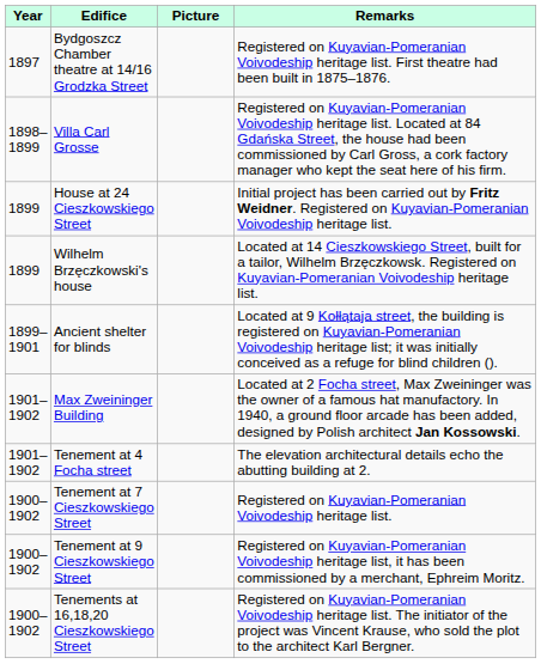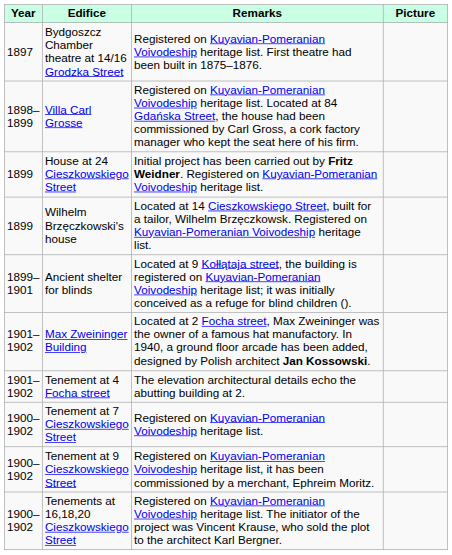 <table class="wikitable" style="flex: 30em">
 <tr align="center" bgcolor="#C9FFE5">
 <td width=8%><strong>Year</strong></td>
 <td width=16%><strong>Edifice</strong></td>
+<td width=61%><strong>Remarks</strong></td>
 <td width=15%><strong>Picture</strong></td>
-<td width=61%><strong>Remarks</strong></td>
 </tr>
 <tr ----bgcolor="#EFEFEF">
 <td>1897</td>
 <td>Bydgoszcz Chamber theatre at 14/16 <a href='#'>Grodzka Street</a></td>
+<td>Registered on <a href='#'>Kuyavian-Pomeranian Voivodeship</a> heritage list. First theatre had been built in 1875–1876.</td>
 <td></td>
-<td>Registered on <a href='#'>Kuyavian-Pomeranian Voivodeship</a> heritage list. First theatre had been built in 1875–1876.</td>
 </tr>
 <tr ---->
 <td>1898–1899</td>
 <td><a href='#'>Villa Carl Grosse</a></td>
+<td>Registered on <a href='#'>Kuyavian-Pomeranian Voivodeship</a> heritage list. Located at 84 <a href='#'>Gdańska Street</a>, the house had been commissioned by Carl Gross, a cork factory manager who kept the seat here of his firm.</td>
 <td></td>
-<td>Registered on <a href='#'>Kuyavian-Pomeranian Voivodeship</a> heritage list. Located at 84 <a href='#'>Gdańska Street</a>, the house had been commissioned by Carl Gross, a cork factory manager who kept the seat here of his firm.</td>
 </tr>
 <tr ---bgcolor="#EFEFEF">
 <td>1899</td>
 <td>House at 24 <a href='#'>Cieszkowskiego Street</a></td>
+<td>Initial project has been carried out by <strong>Fritz Weidner</strong>. Registered on <a href='#'>Kuyavian-Pomeranian Voivodeship</a> heritage list.</td>
 <td></td>
-<td>Initial project has been carried out by <strong>Fritz Weidner</strong>. Registered on <a href='#'>Kuyavian-Pomeranian Voivodeship</a> heritage list.</td>
 </tr>
 <tr --->
 <td>1899</td>
 <td>Wilhelm Brzęczkowski's house</td>
+<td>Located at 14 <a href='#'>Cieszkowskiego Street</a>, built for a tailor, Wilhelm Brzęczkowsk. Registered on <a href='#'>Kuyavian-Pomeranian Voivodeship</a> heritage list.</td>
 <td></td>
-<td>Located at 14 <a href='#'>Cieszkowskiego Street</a>, built for a tailor, Wilhelm Brzęczkowsk. Registered on <a href='#'>Kuyavian-Pomeranian Voivodeship</a> heritage list.</td>
 </tr>
 <tr ---bgcolor="#EFEFEF">
 <td>1899–1901</td>
 <td>Ancient shelter for blinds</td>
+<td>Located at 9 <a href='#'>Kołłątaja street</a>, the building is registered on <a href='#'>Kuyavian-Pomeranian Voivodeship</a> heritage list; it was initially conceived as a refuge for blind children ().</td>
 <td></td>
-<td>Located at 9 <a href='#'>Kołłątaja street</a>, the building is registered on <a href='#'>Kuyavian-Pomeranian Voivodeship</a> heritage list; it was initially conceived as a refuge for blind children ().</td>
 </tr>
 <tr ---->
 <td>1901–1902</td>
 <td><a href='#'>Max Zweininger Building</a></td>
+<td>Located at 2 <a href='#'>Focha street</a>, Max Zweininger was the owner of a famous hat manufactory. In 1940, a ground floor arcade has been added, designed by Polish architect <strong>Jan Kossowski</strong>.</td>
 <td></td>
-<td>Located at 2 <a href='#'>Focha street</a>, Max Zweininger was the owner of a famous hat manufactory. In 1940, a ground floor arcade has been added, designed by Polish architect <strong>Jan Kossowski</strong>.</td>
 </tr>
 <tr ----bgcolor="#EFEFEF">
 <td>1901–1902</td>
 <td>Tenement at 4 <a href='#'>Focha street</a></td>
+<td>The elevation architectural details echo the abutting building at 2.</td>
 <td></td>
-<td>The elevation architectural details echo the abutting building at 2.</td>
 </tr>
 <tr ---->
 <td>1900–1902</td>
 <td>Tenement at 7 <a href='#'>Cieszkowskiego Street</a></td>
+<td>Registered on <a href='#'>Kuyavian-Pomeranian Voivodeship</a> heritage list.</td>
 <td></td>
-<td>Registered on <a href='#'>Kuyavian-Pomeranian Voivodeship</a> heritage list.</td>
 </tr>
 <tr ----bgcolor="#EFEFEF">
 <td>1900–1902</td>
 <td>Tenement at 9 <a href='#'>Cieszkowskiego Street</a></td>
+<td>Registered on <a href='#'>Kuyavian-Pomeranian Voivodeship</a> heritage list, it has been commissioned by a merchant, Ephreim Moritz.</td>
 <td></td>
-<td>Registered on <a href='#'>Kuyavian-Pomeranian Voivodeship</a> heritage list, it has been commissioned by a merchant, Ephreim Moritz.</td>
 </tr>
 <tr ---->
 <td>1900–1902</td>
 <td>Tenements at 16,18,20 <a href='#'>Cieszkowskiego Street</a></td>
+<td>Registered on <a href='#'>Kuyavian-Pomeranian Voivodeship</a> heritage list. The initiator of the project was Vincent Krause, who sold the plot to the architect Karl Bergner.</td>
 <td></td>
-<td>Registered on <a href='#'>Kuyavian-Pomeranian Voivodeship</a> heritage list. The initiator of the project was Vincent Krause, who sold the plot to the architect Karl Bergner.</td>
 </tr>
 </table>
